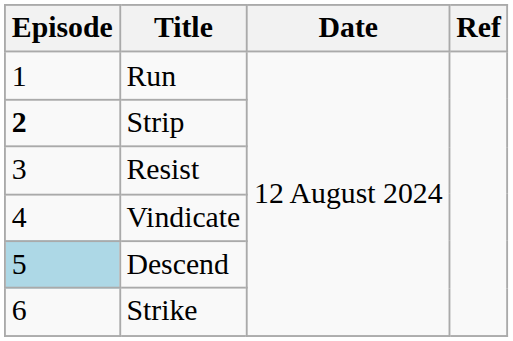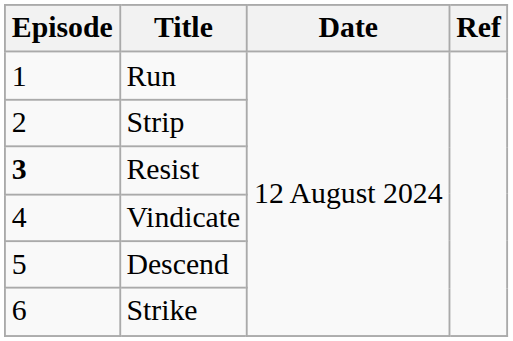 <table class="wikitable">
 <tr>
 <th>Episode</th>
 <th>Title</th>
 <th>Date</th>
 <th>Ref</th>
 </tr>
 <tr>
 <td>1</td>
 <td>Run</td>
 <td rowspan="6">12 August 2024</td>
 <td rowspan="6"></td>
 </tr>
 <tr>
-<td><strong>2</strong></td>
+<td>2</td>
 <td>Strip</td>
 </tr>
 <tr>
-<td>3</td>
+<td><strong>3</strong></td>
 <td>Resist</td>
 </tr>
 <tr>
 <td>4</td>
 <td>Vindicate</td>
 </tr>
 <tr>
-<td style="background: lightblue;">5</td>
+<td>5</td>
 <td>Descend</td>
 </tr>
 <tr>
 <td>6</td>
 <td>Strike</td>
 </tr>
 </table>
